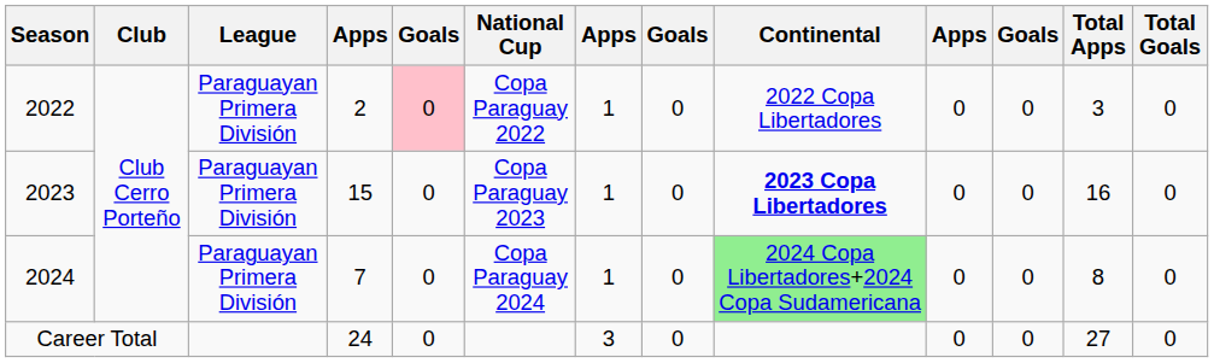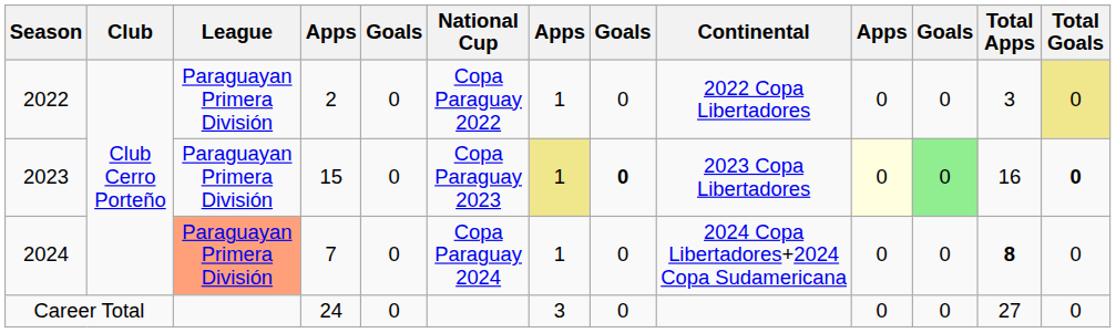 <table class="wikitable" style="text-align:center;">
 <tr>
 <th>Season</th>
 <th>Club</th>
 <th>League</th>
 <th>Apps</th>
 <th>Goals</th>
 <th>National Cup</th>
 <th>Apps</th>
 <th>Goals</th>
 <th>Continental</th>
 <th>Apps</th>
 <th>Goals</th>
 <th>Total Apps</th>
 <th>Total Goals</th>
 </tr>
 <tr>
 <td>2022</td>
 <td rowspan=3><a href='#'>Club Cerro Porteño</a></td>
 <td><a href='#'>Paraguayan Primera División</a></td>
 <td>2</td>
-<td style="background: pink;">0</td>
+<td>0</td>
 <td><a href='#'>Copa Paraguay 2022</a></td>
 <td>1</td>
 <td>0</td>
 <td><a href='#'>2022 Copa Libertadores</a></td>
 <td>0</td>
 <td>0</td>
 <td>3</td>
-<td>0</td>
+<td style="background: khaki;">0</td>
 </tr>
 <tr>
 <td>2023</td>
 <td><a href='#'>Paraguayan Primera División</a></td>
 <td>15</td>
 <td>0</td>
 <td><a href='#'>Copa Paraguay 2023</a></td>
-<td>1</td>
-<td>0</td>
-<td><strong><a href='#'>2023 Copa Libertadores</a></strong></td>
-<td>0</td>
-<td>0</td>
+<td style="background: khaki;">1</td>
+<td><strong>0</strong></td>
+<td><a href='#'>2023 Copa Libertadores</a></td>
+<td style="background: lightyellow;">0</td>
+<td style="background: lightgreen;">0</td>
 <td>16</td>
-<td>0</td>
+<td><strong>0</strong></td>
 </tr>
 <tr>
 <td>2024</td>
-<td><a href='#'>Paraguayan Primera División</a></td>
+<td style="background: lightsalmon;"><a href='#'>Paraguayan Primera División</a></td>
 <td>7</td>
 <td>0</td>
 <td><a href='#'>Copa Paraguay 2024</a></td>
 <td>1</td>
 <td>0</td>
-<td style="background: lightgreen;"><a href='#'>2024 Copa Libertadores</a>+<a href='#'>2024 Copa Sudamericana</a></td>
+<td><a href='#'>2024 Copa Libertadores</a>+<a href='#'>2024 Copa Sudamericana</a></td>
 <td>0</td>
 <td>0</td>
-<td>8</td>
+<td><strong>8</strong></td>
 <td>0</td>
 </tr>
 <tr>
 <td colspan=2>Career Total</td>
 <td></td>
 <td>24</td>
 <td>0</td>
 <td></td>
 <td>3</td>
 <td>0</td>
 <td></td>
 <td>0</td>
 <td>0</td>
 <td>27</td>
 <td>0</td>
 </tr>
 </table>
